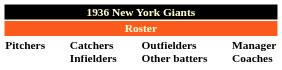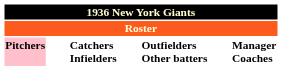 <table class="toccolours" style="font-size: 95%;">
 <tr>
 <th colspan="10" style="background-color: black; color: #FFFDD0; text-align: center;">1936 New York Giants</th>
 </tr>
 <tr>
 <td colspan="10" style="background-color: #fd5a1e; color: #FFFDD0; text-align: center;"><strong>Roster</strong></td>
 </tr>
 <tr>
-<td valign="top"><strong>Pitchers</strong><br>        </td>
+<td valign="top" style="background: pink;"><strong>Pitchers</strong><br>        </td>
 <td width="25px"></td>
 <td valign="top"><strong>Catchers</strong><br>    <strong>Infielders</strong>          </td>
 <td width="25px"></td>
 <td valign="top"><strong>Outfielders</strong><br>     <strong>Other batters</strong> </td>
 <td width="25px"></td>
 <td valign="top"><strong>Manager</strong><br> <strong>Coaches</strong>  </td>
 </tr>
 </table>
